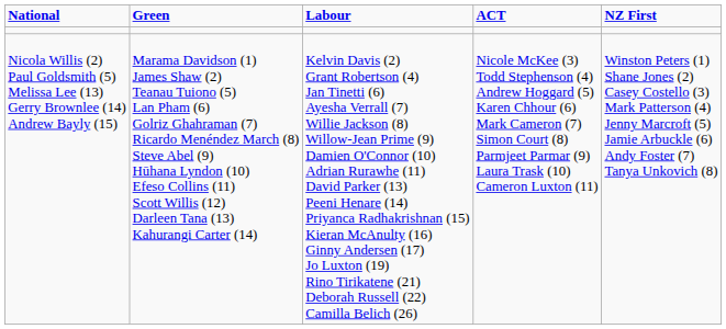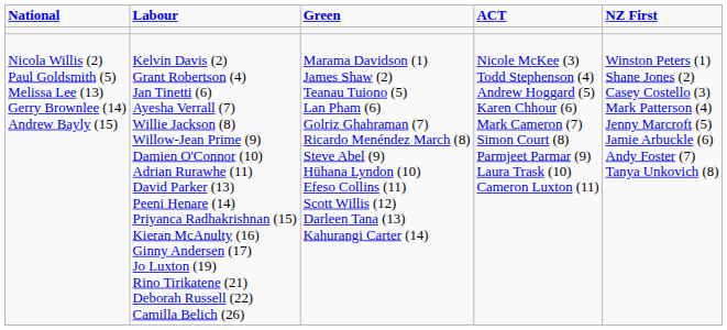 <table class="wikitable sortable">
 <tr>
 <td><strong><a href='#'>National</a></strong></td>
+<td><strong><a href='#'>Labour</a></strong></td>
 <td><strong><a href='#'>Green</a></strong></td>
-<td><strong><a href='#'>Labour</a></strong></td>
 <td><strong><a href='#'>ACT</a></strong></td>
 <td><strong><a href='#'>NZ First</a></strong></td>
 </tr>
 <tr>
 <td></td>
 <td></td>
 <td></td>
 <td></td>
 <td></td>
 </tr>
 <tr>
 <td valign=top><br><a href='#'>Nicola Willis</a> (2)<br> <a href='#'>Paul Goldsmith</a> (5)<br> <a href='#'>Melissa Lee</a> (13)<br> <a href='#'>Gerry Brownlee</a> (14)<br> <a href='#'>Andrew Bayly</a> (15)</td>
+<td valign=top><br><a href='#'>Kelvin Davis</a> (2)<br> <a href='#'>Grant Robertson</a> (4)<br> <a href='#'>Jan Tinetti</a> (6)<br> <a href='#'>Ayesha Verrall</a> (7)<br> <a href='#'>Willie Jackson</a> (8)<br> <a href='#'>Willow-Jean Prime</a> (9)<br> <a href='#'>Damien O'Connor</a> (10) <br> <a href='#'>Adrian Rurawhe</a> (11)<br> <a href='#'>David Parker</a> (13)<br> <a href='#'>Peeni Henare</a> (14)<br> <a href='#'>Priyanca Radhakrishnan</a> (15)<br> <a href='#'>Kieran McAnulty</a> (16)<br> <a href='#'>Ginny Andersen</a> (17)<br> <a href='#'>Jo Luxton</a> (19)<br> <a href='#'>Rino Tirikatene</a> (21)<br> <a href='#'>Deborah Russell</a> (22)<br> <a href='#'>Camilla Belich</a> (26)</td>
 <td valign=top><br><a href='#'>Marama Davidson</a> (1)<br> <a href='#'>James Shaw</a> (2)<br> <a href='#'>Teanau Tuiono</a> (5)<br> <a href='#'>Lan Pham</a> (6)<br> <a href='#'>Golriz Ghahraman</a> (7)<br> <a href='#'>Ricardo Menéndez March</a> (8)<br> <a href='#'>Steve Abel</a> (9)<br> <a href='#'>Hūhana Lyndon</a> (10)<br> <a href='#'>Efeso Collins</a> (11) <br> <a href='#'>Scott Willis</a> (12)<br> <a href='#'>Darleen Tana</a> (13)<br> <a href='#'>Kahurangi Carter</a> (14)</td>
-<td valign=top><br><a href='#'>Kelvin Davis</a> (2)<br> <a href='#'>Grant Robertson</a> (4)<br> <a href='#'>Jan Tinetti</a> (6)<br> <a href='#'>Ayesha Verrall</a> (7)<br> <a href='#'>Willie Jackson</a> (8)<br> <a href='#'>Willow-Jean Prime</a> (9)<br> <a href='#'>Damien O'Connor</a> (10) <br> <a href='#'>Adrian Rurawhe</a> (11)<br> <a href='#'>David Parker</a> (13)<br> <a href='#'>Peeni Henare</a> (14)<br> <a href='#'>Priyanca Radhakrishnan</a> (15)<br> <a href='#'>Kieran McAnulty</a> (16)<br> <a href='#'>Ginny Andersen</a> (17)<br> <a href='#'>Jo Luxton</a> (19)<br> <a href='#'>Rino Tirikatene</a> (21)<br> <a href='#'>Deborah Russell</a> (22)<br> <a href='#'>Camilla Belich</a> (26)</td>
 <td valign=top><br><a href='#'>Nicole McKee</a> (3)<br> <a href='#'>Todd Stephenson</a> (4) <br> <a href='#'>Andrew Hoggard</a> (5) <br> <a href='#'>Karen Chhour</a> (6)<br> <a href='#'>Mark Cameron</a> (7)<br> <a href='#'>Simon Court</a> (8)<br> <a href='#'>Parmjeet Parmar</a> (9)<br> <a href='#'>Laura Trask</a> (10)<br> <a href='#'>Cameron Luxton</a> (11)</td>
 <td valign=top><br><a href='#'>Winston Peters</a> (1)<br> <a href='#'>Shane Jones</a> (2)<br> <a href='#'>Casey Costello</a> (3)<br> <a href='#'>Mark Patterson</a> (4)<br> <a href='#'>Jenny Marcroft</a> (5)<br> <a href='#'>Jamie Arbuckle</a> (6)<br> <a href='#'>Andy Foster</a> (7)<br> <a href='#'>Tanya Unkovich</a> (8)</td>
 </tr>
 </table>
